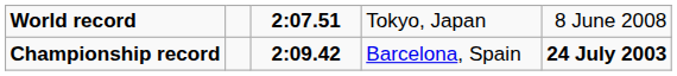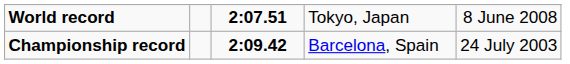 <table class="wikitable">
 <tr>
 <td><strong>World record</strong></td>
 <td style="padding-right:1em"></td>
 <td style="text-align:center;padding-left:1em; padding-right:1em;"><strong>2:07.51</strong></td>
 <td style="padding-right:1em">Tokyo, Japan</td>
 <td align=right>8 June 2008</td>
 </tr>
 <tr>
 <td><strong>Championship record</strong></td>
 <td style="padding-right:1em"></td>
 <td style="text-align:center;padding-left:1em; padding-right:1em;"><strong>2:09.42</strong></td>
 <td style="padding-right:1em"><a href='#'>Barcelona</a>, Spain</td>
-<td align=right><strong>24 July 2003</strong></td>
+<td align=right>24 July 2003</td>
 </tr>
 </table>
